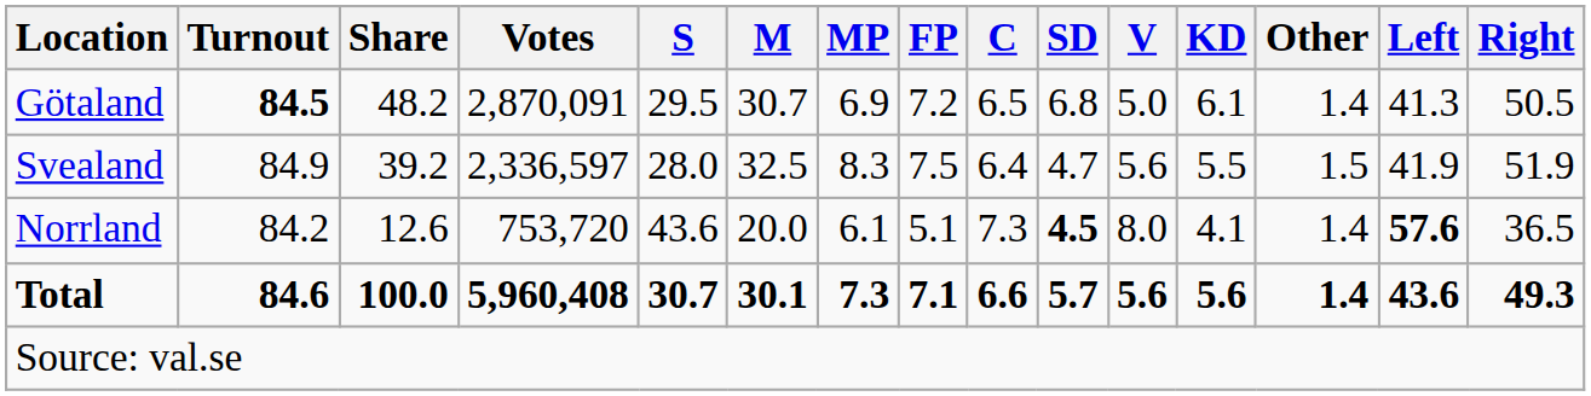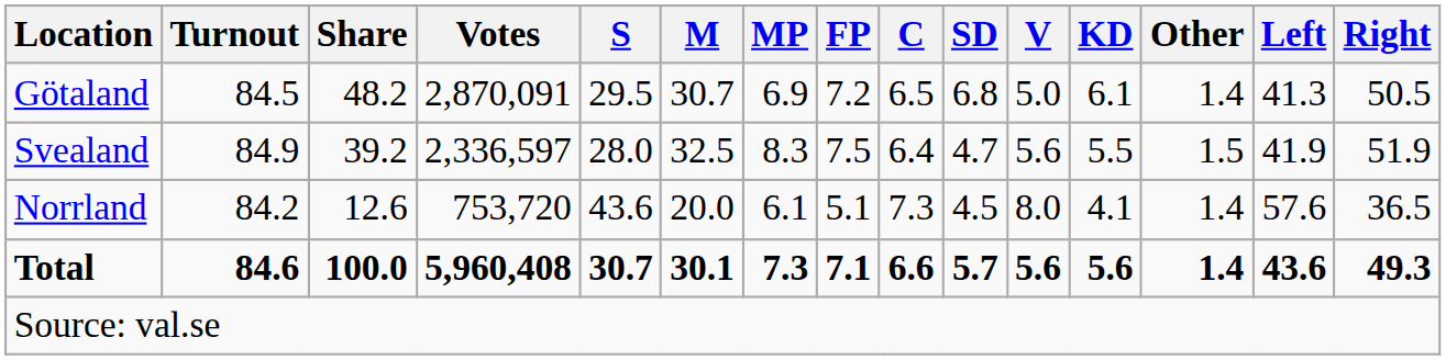 <table class="wikitable sortable" style=text-align:right>
 <tr>
 <th>Location</th>
 <th>Turnout</th>
 <th>Share</th>
 <th>Votes</th>
 <th><a href='#'>S</a></th>
 <th><a href='#'>M</a></th>
 <th><a href='#'>MP</a></th>
 <th><a href='#'>FP</a></th>
 <th><a href='#'>C</a></th>
 <th><a href='#'>SD</a></th>
 <th><a href='#'>V</a></th>
 <th><a href='#'>KD</a></th>
 <th>Other</th>
 <th><a href='#'>Left</a></th>
 <th><a href='#'>Right</a></th>
 </tr>
 <tr>
 <td align=left><a href='#'>Götaland</a></td>
-<td><strong>84.5</strong></td>
+<td>84.5</td>
 <td>48.2</td>
 <td>2,870,091</td>
 <td>29.5</td>
 <td>30.7</td>
 <td>6.9</td>
 <td>7.2</td>
 <td>6.5</td>
 <td>6.8</td>
 <td>5.0</td>
 <td>6.1</td>
 <td>1.4</td>
 <td>41.3</td>
 <td>50.5</td>
 </tr>
 <tr>
 <td align=left><a href='#'>Svealand</a></td>
 <td>84.9</td>
 <td>39.2</td>
 <td>2,336,597</td>
 <td>28.0</td>
 <td>32.5</td>
 <td>8.3</td>
 <td>7.5</td>
 <td>6.4</td>
 <td>4.7</td>
 <td>5.6</td>
 <td>5.5</td>
 <td>1.5</td>
 <td>41.9</td>
 <td>51.9</td>
 </tr>
 <tr>
 <td align=left><a href='#'>Norrland</a></td>
 <td>84.2</td>
 <td>12.6</td>
 <td>753,720</td>
 <td>43.6</td>
 <td>20.0</td>
 <td>6.1</td>
 <td>5.1</td>
 <td>7.3</td>
-<td><strong>4.5</strong></td>
+<td>4.5</td>
 <td>8.0</td>
 <td>4.1</td>
 <td>1.4</td>
-<td><strong>57.6</strong></td>
+<td>57.6</td>
 <td>36.5</td>
 </tr>
 <tr>
 <td align=left><strong>Total</strong></td>
 <td><strong>84.6</strong></td>
 <td><strong>100.0</strong></td>
 <td><strong>5,960,408</strong></td>
 <td><strong>30.7</strong></td>
 <td><strong>30.1</strong></td>
 <td><strong>7.3</strong></td>
 <td><strong>7.1</strong></td>
 <td><strong>6.6</strong></td>
 <td><strong>5.7</strong></td>
 <td><strong>5.6</strong></td>
 <td><strong>5.6</strong></td>
 <td><strong>1.4</strong></td>
 <td><strong>43.6</strong></td>
 <td><strong>49.3</strong></td>
 </tr>
 <tr>
 <td align=left colspan=15>Source: val.se </td>
 </tr>
 </table>
